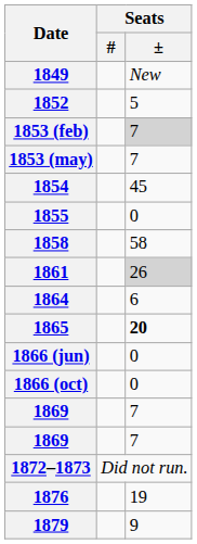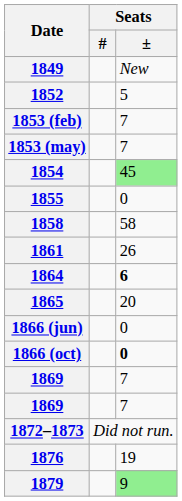 <table class="wikitable">
 <tr>
 <th rowspan="2">Date</th>
 <th colspan="2">Seats</th>
 </tr>
 <tr>
 <th>#</th>
 <th>±</th>
 </tr>
 <tr>
 <th><a href='#'>1849</a></th>
 <td></td>
 <td><em>New</em></td>
 </tr>
 <tr>
 <th><a href='#'>1852</a></th>
 <td></td>
 <td> 5</td>
 </tr>
 <tr>
 <th><a href='#'>1853 (feb)</a></th>
 <td></td>
-<td style="background: lightgrey;"> 7</td>
+<td> 7</td>
 </tr>
 <tr>
 <th><a href='#'>1853 (may)</a></th>
 <td></td>
 <td> 7</td>
 </tr>
 <tr>
 <th><a href='#'>1854</a></th>
 <td></td>
-<td> 45</td>
+<td style="background: lightgreen;"> 45</td>
 </tr>
 <tr>
 <th><a href='#'>1855</a></th>
 <td></td>
 <td> 0</td>
 </tr>
 <tr>
 <th><a href='#'>1858</a></th>
 <td></td>
 <td> 58</td>
 </tr>
 <tr>
 <th><a href='#'>1861</a></th>
 <td></td>
-<td style="background: lightgrey;"> 26</td>
+<td> 26</td>
 </tr>
 <tr>
 <th><a href='#'>1864</a></th>
 <td></td>
-<td> 6</td>
+<td><strong> 6</strong></td>
 </tr>
 <tr>
 <th><a href='#'>1865</a></th>
 <td></td>
-<td><strong> 20</strong></td>
+<td> 20</td>
 </tr>
 <tr>
 <th><a href='#'>1866 (jun)</a></th>
 <td></td>
 <td> 0</td>
 </tr>
 <tr>
 <th><a href='#'>1866 (oct)</a></th>
 <td></td>
-<td> 0</td>
+<td><strong> 0</strong></td>
 </tr>
 <tr>
 <th><a href='#'>1869</a></th>
 <td></td>
 <td> 7</td>
 </tr>
 <tr>
 <th><a href='#'>1869</a></th>
 <td></td>
 <td> 7</td>
 </tr>
 <tr>
 <th><a href='#'>1872</a>–<a href='#'>1873</a></th>
 <td colspan="4" style="text-align:center;"><em>Did not run.</em></td>
 </tr>
 <tr>
 <th><a href='#'>1876</a></th>
 <td></td>
 <td> 19</td>
 </tr>
 <tr>
 <th><a href='#'>1879</a></th>
 <td></td>
-<td> 9</td>
+<td style="background: lightgreen;"> 9</td>
 </tr>
 </table>
